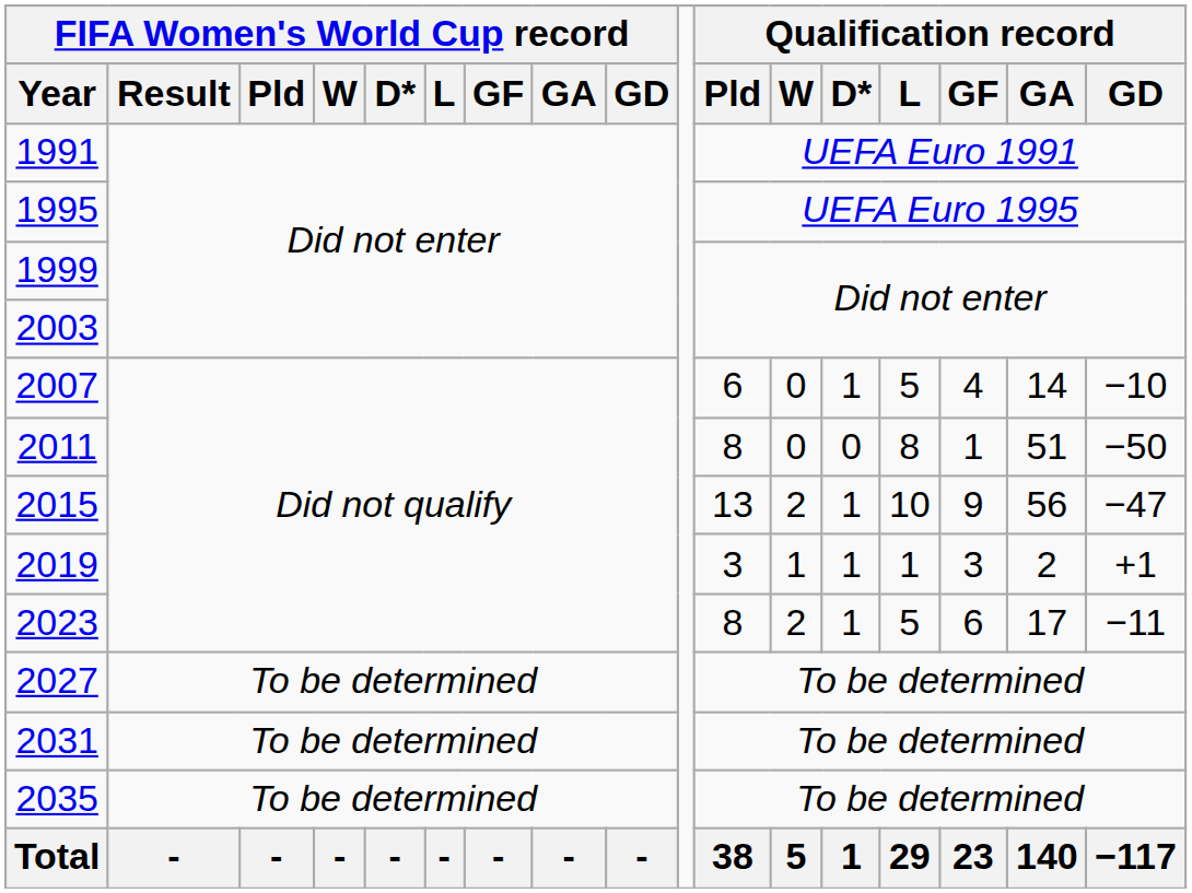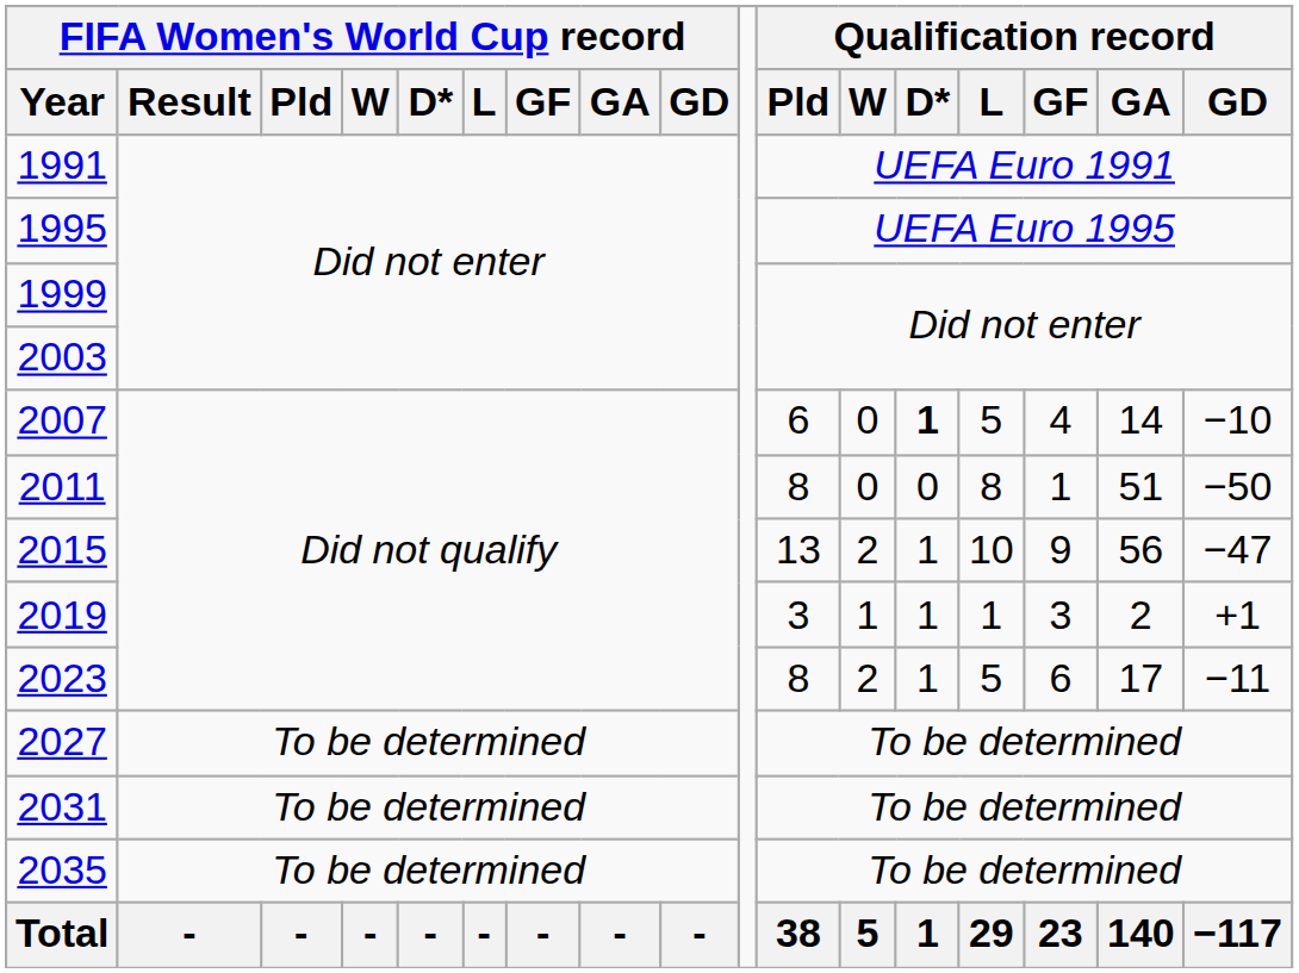 <table class="wikitable" style="text-align: center;">
 <tr>
 <th colspan=9><a href='#'>FIFA Women's World Cup</a> record</th>
 <td rowspan=100></td>
 <th colspan=7>Qualification record</th>
 </tr>
 <tr>
 <th>Year</th>
 <th>Result</th>
 <th>Pld</th>
 <th>W</th>
 <th>D*</th>
 <th>L</th>
 <th>GF</th>
 <th>GA</th>
 <th>GD</th>
 <th>Pld</th>
 <th>W</th>
 <th>D*</th>
 <th>L</th>
 <th>GF</th>
 <th>GA</th>
 <th>GD</th>
 </tr>
 <tr>
 <td> <a href='#'>1991</a></td>
 <td colspan=8 rowspan=4><em>Did not enter</em></td>
 <td colspan=7><em><a href='#'>UEFA Euro 1991</a></em></td>
 </tr>
 <tr>
 <td> <a href='#'>1995</a></td>
 <td colspan=7><em><a href='#'>UEFA Euro 1995</a></em></td>
 </tr>
 <tr>
 <td> <a href='#'>1999</a></td>
 <td colspan=7 rowspan=2><em>Did not enter</em></td>
 </tr>
 <tr>
 <td> <a href='#'>2003</a></td>
 </tr>
 <tr>
 <td> <a href='#'>2007</a></td>
 <td colspan=8 rowspan=5><em>Did not qualify</em></td>
 <td>6</td>
 <td>0</td>
-<td>1</td>
+<td><strong>1</strong></td>
 <td>5</td>
 <td>4</td>
 <td>14</td>
 <td>−10</td>
 </tr>
 <tr>
 <td> <a href='#'>2011</a></td>
 <td>8</td>
 <td>0</td>
 <td>0</td>
 <td>8</td>
 <td>1</td>
 <td>51</td>
 <td>−50</td>
 </tr>
 <tr>
 <td> <a href='#'>2015</a></td>
 <td>13</td>
 <td>2</td>
 <td>1</td>
 <td>10</td>
 <td>9</td>
 <td>56</td>
 <td>−47</td>
 </tr>
 <tr>
 <td> <a href='#'>2019</a></td>
 <td>3</td>
 <td>1</td>
 <td>1</td>
 <td>1</td>
 <td>3</td>
 <td>2</td>
 <td>+1</td>
 </tr>
 <tr>
 <td> <a href='#'>2023</a></td>
 <td>8</td>
 <td>2</td>
 <td>1</td>
 <td>5</td>
 <td>6</td>
 <td>17</td>
 <td>−11</td>
 </tr>
 <tr>
 <td> <a href='#'>2027</a></td>
 <td colspan=8><em>To be determined</em></td>
 <td colspan=7><em>To be determined</em></td>
 </tr>
 <tr>
 <td> <a href='#'>2031</a></td>
 <td colspan=8><em>To be determined</em></td>
 <td colspan=7><em>To be determined</em></td>
 </tr>
 <tr>
 <td> <a href='#'>2035</a></td>
 <td colspan=8><em>To be determined</em></td>
 <td colspan=7><em>To be determined</em></td>
 </tr>
 <tr>
 <th>Total</th>
 <th>-</th>
 <th>-</th>
 <th>-</th>
 <th>-</th>
 <th>-</th>
 <th>-</th>
 <th>-</th>
 <th>-</th>
 <th>38</th>
 <th>5</th>
 <th>1</th>
 <th>29</th>
 <th>23</th>
 <th>140</th>
 <th>−117</th>
 </tr>
 </table>
